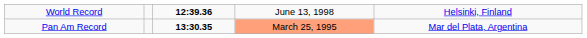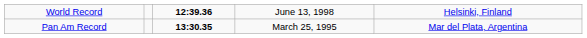 <table class="wikitable" style=" text-align:center; font-size:95%;" width="75%">
 <tr>
 <td><a href='#'>World Record</a></td>
 <td></td>
 <td><strong>12:39.36</strong></td>
 <td>June 13, 1998</td>
 <td> <a href='#'>Helsinki, Finland</a></td>
 </tr>
 <tr>
 <td><a href='#'>Pan Am Record</a></td>
 <td></td>
 <td><strong>13:30.35</strong></td>
-<td style="background: lightsalmon;">March 25, 1995</td>
+<td>March 25, 1995</td>
 <td> <a href='#'>Mar del Plata, Argentina</a></td>
 </tr>
 </table>
